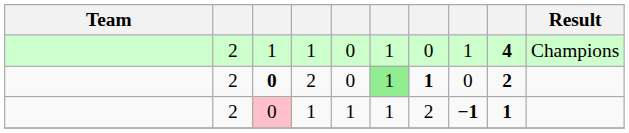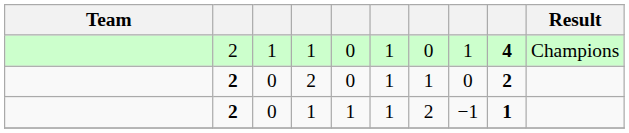 <table class="wikitable" style="text-align:center;">
 <tr>
 <th width=165>Team</th>
 <th width=25></th>
 <th width=25></th>
 <th width=25></th>
 <th width=25></th>
 <th width=25></th>
 <th width=25></th>
 <th width=25></th>
 <th width=25></th>
 <th>Result</th>
 </tr>
 <tr bgcolor="#ccffcc">
 <td style="text-align:left;"></td>
 <td>2</td>
 <td>1</td>
 <td>1</td>
 <td>0</td>
 <td>1</td>
 <td>0</td>
 <td>1</td>
 <td><strong>4</strong></td>
 <td>Champions</td>
 </tr>
 <tr>
 <td style="text-align:left;"></td>
-<td>2</td>
-<td><strong>0</strong></td>
+<td><strong>2</strong></td>
+<td>0</td>
 <td>2</td>
 <td>0</td>
-<td style="background: lightgreen;">1</td>
-<td><strong>1</strong></td>
+<td>1</td>
+<td>1</td>
 <td>0</td>
 <td><strong>2</strong></td>
 <td></td>
 </tr>
 <tr>
 <td style="text-align:left;"></td>
-<td>2</td>
-<td style="background: pink;">0</td>
+<td><strong>2</strong></td>
+<td>0</td>
 <td>1</td>
 <td>1</td>
 <td>1</td>
 <td>2</td>
-<td><strong>−1</strong></td>
+<td>−1</td>
 <td><strong>1</strong></td>
 <td></td>
 </tr>
 <tr>
 </tr>
 </table>
